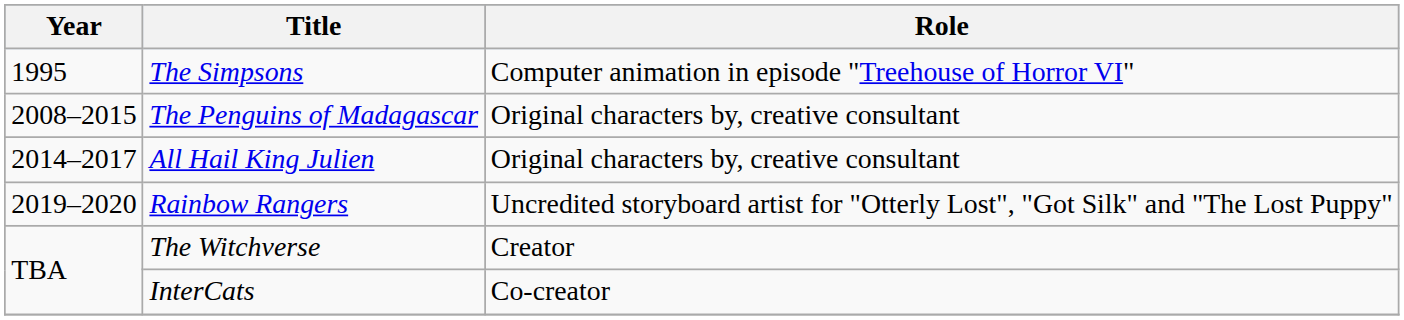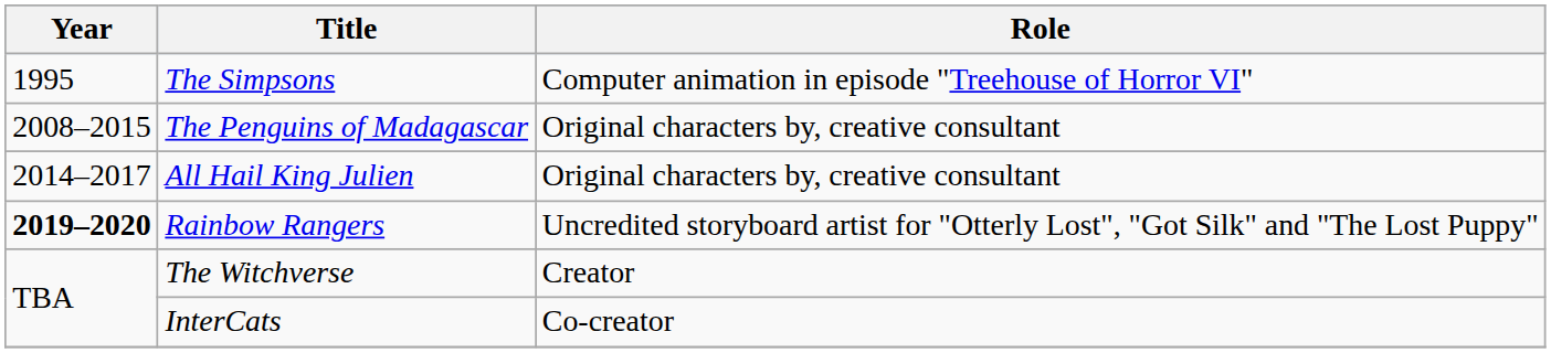 <table class="wikitable">
 <tr style="background:#b0c4de; text-align:center;">
 <th>Year</th>
 <th>Title</th>
 <th>Role</th>
 </tr>
 <tr>
 <td>1995</td>
 <td><em><a href='#'>The Simpsons</a></em></td>
 <td>Computer animation in episode "<a href='#'>Treehouse of Horror VI</a>"</td>
 </tr>
 <tr>
 <td>2008–2015</td>
 <td><em><a href='#'>The Penguins of Madagascar</a></em></td>
 <td>Original characters by, creative consultant</td>
 </tr>
 <tr>
 <td>2014–2017</td>
 <td><em><a href='#'>All Hail King Julien</a></em></td>
 <td>Original characters by, creative consultant</td>
 </tr>
 <tr>
-<td>2019–2020</td>
+<td><strong>2019–2020</strong></td>
 <td><em><a href='#'>Rainbow Rangers</a></em></td>
 <td>Uncredited storyboard artist for "Otterly Lost", "Got Silk" and "The Lost Puppy"</td>
 </tr>
 <tr>
 <td rowspan="2">TBA</td>
 <td><em>The Witchverse</em></td>
 <td>Creator</td>
 </tr>
 <tr>
 <td><em>InterCats</em></td>
 <td>Co-creator</td>
 </tr>
 <tr>
 </tr>
 </table>
